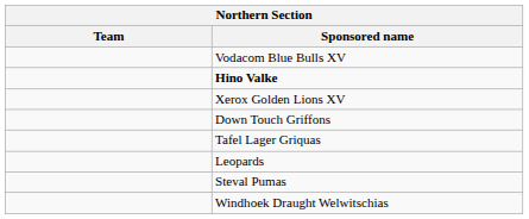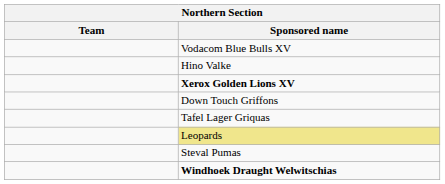 <table class="wikitable sortable" style="text-align:left; width:50%;">
 <tr>
 <th colspan="100%">Northern Section</th>
 </tr>
 <tr>
 <th width="40%">Team</th>
 <th width="60%">Sponsored name</th>
 </tr>
 <tr>
 <td></td>
 <td>Vodacom Blue Bulls XV</td>
 </tr>
 <tr>
 <td></td>
-<td><strong>Hino Valke</strong></td>
+<td>Hino Valke</td>
 </tr>
 <tr>
 <td></td>
-<td>Xerox Golden Lions XV</td>
+<td><strong>Xerox Golden Lions XV</strong></td>
 </tr>
 <tr>
 <td></td>
 <td>Down Touch Griffons</td>
 </tr>
 <tr>
 <td></td>
 <td>Tafel Lager Griquas</td>
 </tr>
 <tr>
 <td></td>
-<td>Leopards</td>
+<td style="background: khaki;">Leopards</td>
 </tr>
 <tr>
 <td></td>
 <td>Steval Pumas</td>
 </tr>
 <tr>
 <td></td>
-<td>Windhoek Draught Welwitschias</td>
+<td><strong>Windhoek Draught Welwitschias</strong></td>
 </tr>
 </table>
